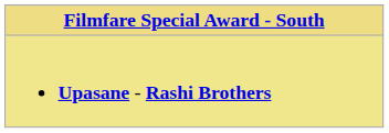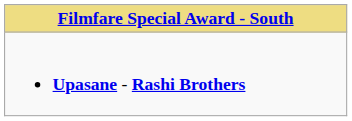 <table class="wikitable" width=50% |>
 <tr>
 <th !  style="background:#eedd82; text-align:center; width:50%;"><a href='#'>Filmfare Special Award - South</a></th>
 </tr>
 <tr>
-<td valign="top" style="background: khaki;"><br><ul><li><strong><a href='#'>Upasane</a></strong> - <strong><a href='#'>Rashi Brothers</a></strong></li></ul></td>
+<td valign="top"><br><ul><li><strong><a href='#'>Upasane</a></strong> - <strong><a href='#'>Rashi Brothers</a></strong></li></ul></td>
 </tr>
 </table>
